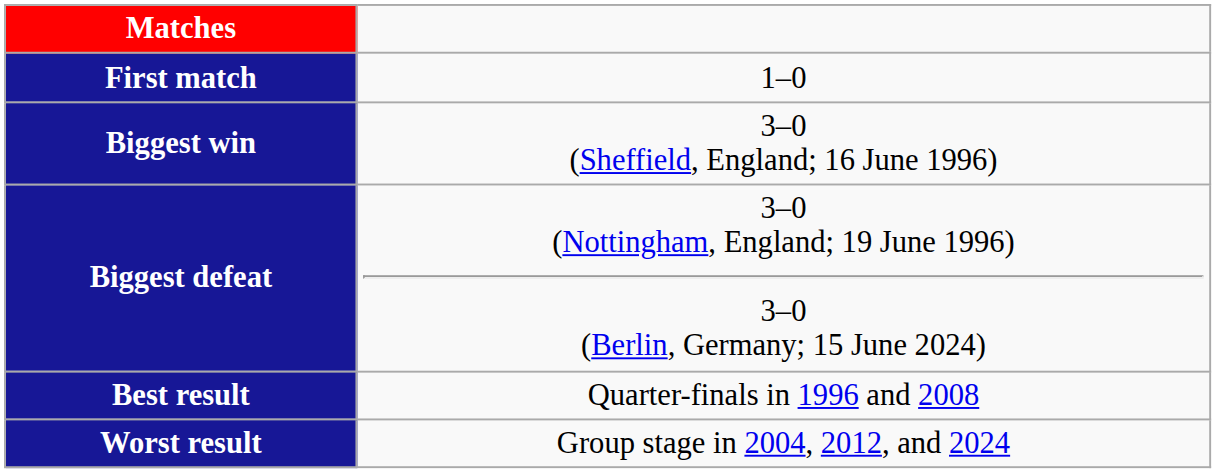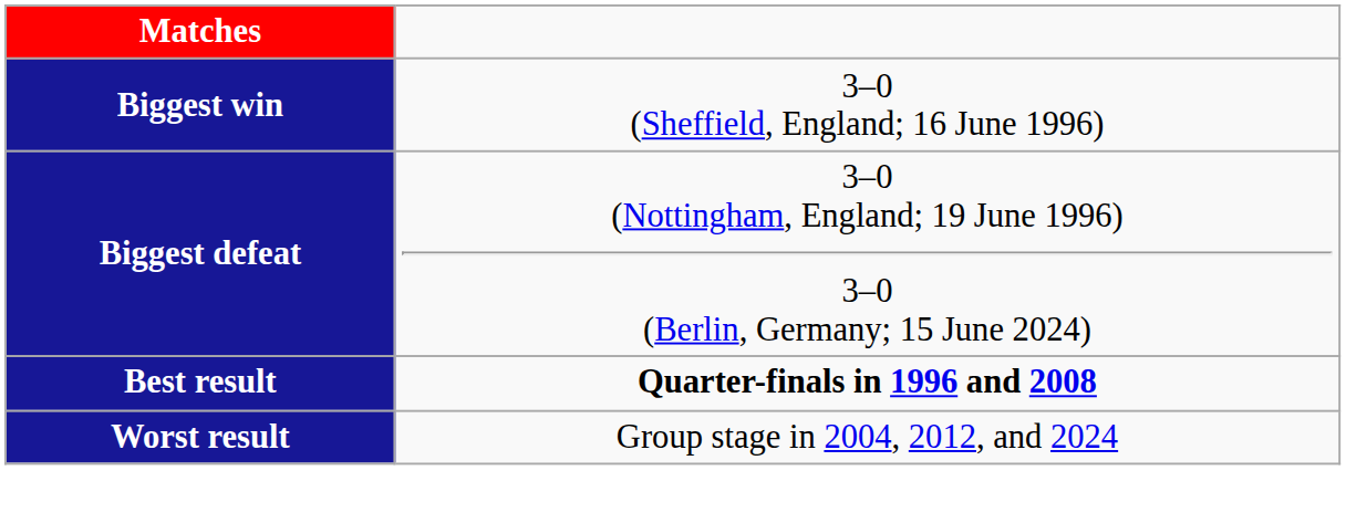 <table class="wikitable collapsible" style="width:50%; text-align:center;">
 <tr>
 <th style="background:#ff0000; color:white; ">Matches</th>
-</tr>
-<tr>
-<th style="background:#171796; color:white; ">First match</th>
-<td> 1–0 <br></td>
 </tr>
 <tr>
 <th style="background:#171796; color:white; ">Biggest win</th>
 <td> 3–0 <br>(<a href='#'>Sheffield</a>, England; 16 June 1996)</td>
 </tr>
 <tr>
 <th style="background:#171796; color:white; ">Biggest defeat</th>
 <td> 3–0 <br>(<a href='#'>Nottingham</a>, England; 19 June 1996)<hr> 3–0 <br>(<a href='#'>Berlin</a>, Germany; 15 June 2024)</td>
 </tr>
 <tr>
 <th style="background:#171796; color:white; ">Best result</th>
-<td>Quarter-finals in <a href='#'>1996</a> and <a href='#'>2008</a></td>
+<td><strong>Quarter-finals in <a href='#'>1996</a> and <a href='#'>2008</a></strong></td>
 </tr>
 <tr>
 <th style="background:#171796; color:white; ">Worst result</th>
 <td>Group stage in <a href='#'>2004</a>, <a href='#'>2012</a>, and <a href='#'>2024</a></td>
 </tr>
 </table>
